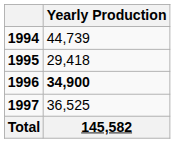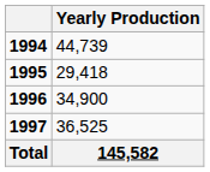 <table class="wikitable">
 <tr>
 <th></th>
 <th>Yearly Production</th>
 </tr>
 <tr>
 <td><strong>1994</strong></td>
 <td>44,739</td>
 </tr>
 <tr>
 <td><strong>1995</strong></td>
 <td>29,418</td>
 </tr>
 <tr>
 <td><strong>1996</strong></td>
-<td><strong>34,900</strong></td>
+<td>34,900</td>
 </tr>
 <tr>
 <td><strong>1997</strong></td>
 <td>36,525</td>
 </tr>
 <tr>
 <th>Total</th>
 <th><u>145,582</u></th>
 </tr>
 </table>
